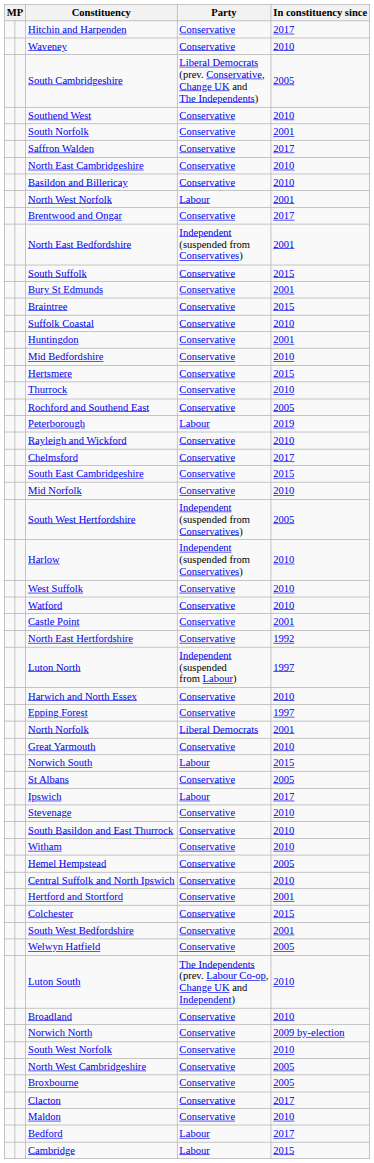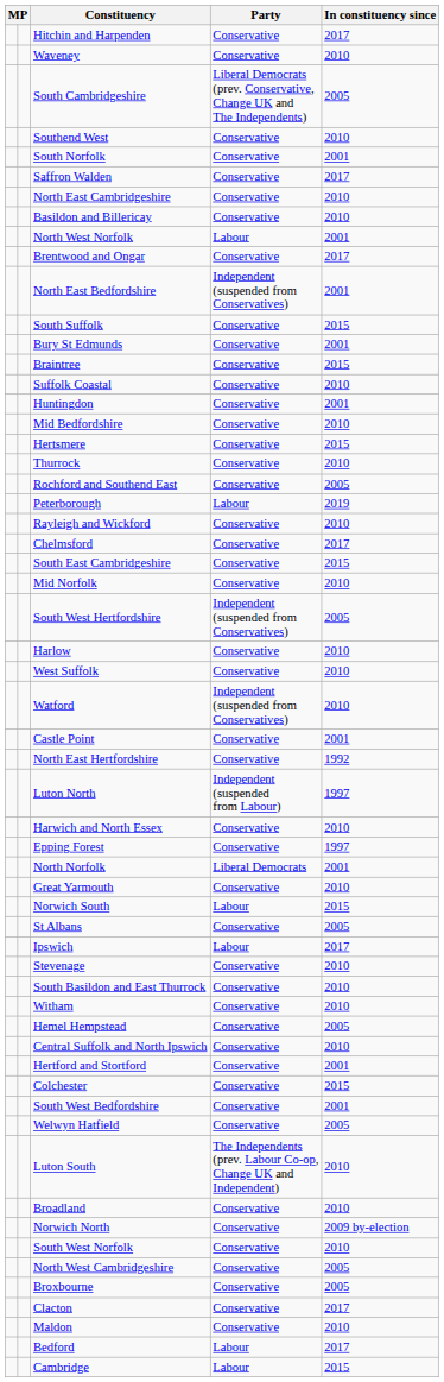 <table class="wikitable sortable">
 <tr>
 <th colspan=2>MP</th>
 <th>Constituency</th>
 <th>Party</th>
 <th>In constituency since</th>
 </tr>
 <tr>
 <td></td>
 <td></td>
 <td><a href='#'>Hitchin and Harpenden</a></td>
 <td><a href='#'>Conservative</a></td>
 <td><a href='#'>2017</a></td>
 </tr>
 <tr>
 <td></td>
 <td></td>
 <td><a href='#'>Waveney</a></td>
 <td><a href='#'>Conservative</a></td>
 <td><a href='#'>2010</a></td>
 </tr>
 <tr>
 <td></td>
 <td></td>
 <td><a href='#'>South Cambridgeshire</a></td>
 <td><a href='#'>Liberal Democrats</a><br>(prev. <a href='#'>Conservative</a>,<br><a href='#'>Change UK</a> and<br><a href='#'>The Independents</a>)</td>
 <td><a href='#'>2005</a></td>
 </tr>
 <tr>
 <td></td>
 <td></td>
 <td><a href='#'>Southend West</a></td>
 <td><a href='#'>Conservative</a></td>
 <td><a href='#'>2010</a></td>
 </tr>
 <tr>
 <td></td>
 <td></td>
 <td><a href='#'>South Norfolk</a></td>
 <td><a href='#'>Conservative</a></td>
 <td><a href='#'>2001</a></td>
 </tr>
 <tr>
 <td></td>
 <td></td>
 <td><a href='#'>Saffron Walden</a></td>
 <td><a href='#'>Conservative</a></td>
 <td><a href='#'>2017</a></td>
 </tr>
 <tr>
 <td></td>
 <td></td>
 <td><a href='#'>North East Cambridgeshire</a></td>
 <td><a href='#'>Conservative</a></td>
 <td><a href='#'>2010</a></td>
 </tr>
 <tr>
 <td></td>
 <td></td>
 <td><a href='#'>Basildon and Billericay</a></td>
 <td><a href='#'>Conservative</a></td>
 <td><a href='#'>2010</a></td>
 </tr>
 <tr>
 <td></td>
 <td></td>
 <td><a href='#'>North West Norfolk</a></td>
 <td><a href='#'>Labour</a></td>
 <td><a href='#'>2001</a></td>
 </tr>
 <tr>
 <td></td>
 <td></td>
 <td><a href='#'>Brentwood and Ongar</a></td>
 <td><a href='#'>Conservative</a></td>
 <td><a href='#'>2017</a></td>
 </tr>
 <tr>
 <td></td>
 <td></td>
 <td><a href='#'>North East Bedfordshire</a></td>
 <td><a href='#'>Independent</a><br>(suspended from<br><a href='#'>Conservatives</a>)</td>
 <td><a href='#'>2001</a></td>
 </tr>
 <tr>
 <td></td>
 <td></td>
 <td><a href='#'>South Suffolk</a></td>
 <td><a href='#'>Conservative</a></td>
 <td><a href='#'>2015</a></td>
 </tr>
 <tr>
 <td></td>
 <td></td>
 <td><a href='#'>Bury St Edmunds</a></td>
 <td><a href='#'>Conservative</a></td>
 <td><a href='#'>2001</a></td>
 </tr>
 <tr>
 <td></td>
 <td></td>
 <td><a href='#'>Braintree</a></td>
 <td><a href='#'>Conservative</a></td>
 <td><a href='#'>2015</a></td>
 </tr>
 <tr>
 <td></td>
 <td></td>
 <td><a href='#'>Suffolk Coastal</a></td>
 <td><a href='#'>Conservative</a></td>
 <td><a href='#'>2010</a></td>
 </tr>
 <tr>
 <td></td>
 <td></td>
 <td><a href='#'>Huntingdon</a></td>
 <td><a href='#'>Conservative</a></td>
 <td><a href='#'>2001</a></td>
 </tr>
 <tr>
 <td></td>
 <td></td>
 <td><a href='#'>Mid Bedfordshire</a></td>
 <td><a href='#'>Conservative</a></td>
 <td><a href='#'>2010</a></td>
 </tr>
 <tr>
 <td></td>
 <td></td>
 <td><a href='#'>Hertsmere</a></td>
 <td><a href='#'>Conservative</a></td>
 <td><a href='#'>2015</a></td>
 </tr>
 <tr>
 <td></td>
 <td></td>
 <td><a href='#'>Thurrock</a></td>
 <td><a href='#'>Conservative</a></td>
 <td><a href='#'>2010</a></td>
 </tr>
 <tr>
 <td></td>
 <td></td>
 <td><a href='#'>Rochford and Southend East</a></td>
 <td><a href='#'>Conservative</a></td>
 <td><a href='#'>2005</a></td>
 </tr>
 <tr>
 <td style="background-color: "></td>
 <td></td>
 <td><a href='#'>Peterborough</a></td>
 <td><a href='#'>Labour</a></td>
 <td><a href='#'>2019</a></td>
 </tr>
 <tr>
 <td></td>
 <td></td>
 <td><a href='#'>Rayleigh and Wickford</a></td>
 <td><a href='#'>Conservative</a></td>
 <td><a href='#'>2010</a></td>
 </tr>
 <tr>
 <td></td>
 <td></td>
 <td><a href='#'>Chelmsford</a></td>
 <td><a href='#'>Conservative</a></td>
 <td><a href='#'>2017</a></td>
 </tr>
 <tr>
 <td></td>
 <td></td>
 <td><a href='#'>South East Cambridgeshire</a></td>
 <td><a href='#'>Conservative</a></td>
 <td><a href='#'>2015</a></td>
 </tr>
 <tr>
 <td></td>
 <td></td>
 <td><a href='#'>Mid Norfolk</a></td>
 <td><a href='#'>Conservative</a></td>
 <td><a href='#'>2010</a></td>
 </tr>
 <tr>
 <td></td>
 <td></td>
 <td><a href='#'>South West Hertfordshire</a></td>
 <td><a href='#'>Independent</a><br>(suspended from<br><a href='#'>Conservatives</a>)</td>
 <td><a href='#'>2005</a></td>
 </tr>
 <tr>
 <td></td>
 <td></td>
 <td><a href='#'>Harlow</a></td>
-<td><a href='#'>Independent</a><br>(suspended from<br><a href='#'>Conservatives</a>)</td>
+<td><a href='#'>Conservative</a></td>
 <td><a href='#'>2010</a></td>
 </tr>
 <tr>
 <td></td>
 <td></td>
 <td><a href='#'>West Suffolk</a></td>
 <td><a href='#'>Conservative</a></td>
 <td><a href='#'>2010</a></td>
 </tr>
 <tr>
 <td></td>
 <td></td>
 <td><a href='#'>Watford</a></td>
-<td><a href='#'>Conservative</a></td>
+<td><a href='#'>Independent</a><br>(suspended from<br><a href='#'>Conservatives</a>)</td>
 <td><a href='#'>2010</a></td>
 </tr>
 <tr>
 <td></td>
 <td></td>
 <td><a href='#'>Castle Point</a></td>
 <td><a href='#'>Conservative</a></td>
 <td><a href='#'>2001</a></td>
 </tr>
 <tr>
 <td></td>
 <td></td>
 <td><a href='#'>North East Hertfordshire</a></td>
 <td><a href='#'>Conservative</a></td>
 <td><a href='#'>1992</a></td>
 </tr>
 <tr>
 <td></td>
 <td></td>
 <td><a href='#'>Luton North</a></td>
 <td><a href='#'>Independent</a><br>(suspended<br>from <a href='#'>Labour</a>)</td>
 <td><a href='#'>1997</a></td>
 </tr>
 <tr>
 <td></td>
 <td></td>
 <td><a href='#'>Harwich and North Essex</a></td>
 <td><a href='#'>Conservative</a></td>
 <td><a href='#'>2010</a></td>
 </tr>
 <tr>
 <td></td>
 <td></td>
 <td><a href='#'>Epping Forest</a></td>
 <td><a href='#'>Conservative</a></td>
 <td><a href='#'>1997</a></td>
 </tr>
 <tr>
 <td></td>
 <td></td>
 <td><a href='#'>North Norfolk</a></td>
 <td><a href='#'>Liberal Democrats</a></td>
 <td><a href='#'>2001</a></td>
 </tr>
 <tr>
 <td></td>
 <td></td>
 <td><a href='#'>Great Yarmouth</a></td>
 <td><a href='#'>Conservative</a></td>
 <td><a href='#'>2010</a></td>
 </tr>
 <tr>
 <td style="background-color: "></td>
 <td></td>
 <td><a href='#'>Norwich South</a></td>
 <td><a href='#'>Labour</a></td>
 <td><a href='#'>2015</a></td>
 </tr>
 <tr>
 <td></td>
 <td></td>
 <td><a href='#'>St Albans</a></td>
 <td><a href='#'>Conservative</a></td>
 <td><a href='#'>2005</a></td>
 </tr>
 <tr>
 <td></td>
 <td></td>
 <td><a href='#'>Ipswich</a></td>
 <td><a href='#'>Labour</a></td>
 <td><a href='#'>2017</a></td>
 </tr>
 <tr>
 <td></td>
 <td></td>
 <td><a href='#'>Stevenage</a></td>
 <td><a href='#'>Conservative</a></td>
 <td><a href='#'>2010</a></td>
 </tr>
 <tr>
 <td></td>
 <td></td>
 <td><a href='#'>South Basildon and East Thurrock</a></td>
 <td><a href='#'>Conservative</a></td>
 <td><a href='#'>2010</a></td>
 </tr>
 <tr>
 <td></td>
 <td></td>
 <td><a href='#'>Witham</a></td>
 <td><a href='#'>Conservative</a></td>
 <td><a href='#'>2010</a></td>
 </tr>
 <tr>
 <td></td>
 <td></td>
 <td><a href='#'>Hemel Hempstead</a></td>
 <td><a href='#'>Conservative</a></td>
 <td><a href='#'>2005</a></td>
 </tr>
 <tr>
 <td></td>
 <td></td>
 <td><a href='#'>Central Suffolk and North Ipswich</a></td>
 <td><a href='#'>Conservative</a></td>
 <td><a href='#'>2010</a></td>
 </tr>
 <tr>
 <td></td>
 <td></td>
 <td><a href='#'>Hertford and Stortford</a></td>
 <td><a href='#'>Conservative</a></td>
 <td><a href='#'>2001</a></td>
 </tr>
 <tr>
 <td></td>
 <td></td>
 <td><a href='#'>Colchester</a></td>
 <td><a href='#'>Conservative</a></td>
 <td><a href='#'>2015</a></td>
 </tr>
 <tr>
 <td></td>
 <td></td>
 <td><a href='#'>South West Bedfordshire</a></td>
 <td><a href='#'>Conservative</a></td>
 <td><a href='#'>2001</a></td>
 </tr>
 <tr>
 <td></td>
 <td></td>
 <td><a href='#'>Welwyn Hatfield</a></td>
 <td><a href='#'>Conservative</a></td>
 <td><a href='#'>2005</a></td>
 </tr>
 <tr>
 <td></td>
 <td></td>
 <td><a href='#'>Luton South</a></td>
 <td><a href='#'>The Independents</a><br>(prev. <a href='#'>Labour Co-op</a>,<br><a href='#'>Change UK</a> and<br><a href='#'>Independent</a>)</td>
 <td><a href='#'>2010</a></td>
 </tr>
 <tr>
 <td></td>
 <td></td>
 <td><a href='#'>Broadland</a></td>
 <td><a href='#'>Conservative</a></td>
 <td><a href='#'>2010</a></td>
 </tr>
 <tr>
 <td></td>
 <td></td>
 <td><a href='#'>Norwich North</a></td>
 <td><a href='#'>Conservative</a></td>
 <td><a href='#'>2009 by-election</a></td>
 </tr>
 <tr>
 <td></td>
 <td></td>
 <td><a href='#'>South West Norfolk</a></td>
 <td><a href='#'>Conservative</a></td>
 <td><a href='#'>2010</a></td>
 </tr>
 <tr>
 <td></td>
 <td></td>
 <td><a href='#'>North West Cambridgeshire</a></td>
 <td><a href='#'>Conservative</a></td>
 <td><a href='#'>2005</a></td>
 </tr>
 <tr>
 <td></td>
 <td></td>
 <td><a href='#'>Broxbourne</a></td>
 <td><a href='#'>Conservative</a></td>
 <td><a href='#'>2005</a></td>
 </tr>
 <tr>
 <td></td>
 <td></td>
 <td><a href='#'>Clacton</a></td>
 <td><a href='#'>Conservative</a></td>
 <td><a href='#'>2017</a></td>
 </tr>
 <tr>
 <td></td>
 <td></td>
 <td><a href='#'>Maldon</a></td>
 <td><a href='#'>Conservative</a></td>
 <td><a href='#'>2010</a></td>
 </tr>
 <tr>
 <td></td>
 <td></td>
 <td><a href='#'>Bedford</a></td>
 <td><a href='#'>Labour</a></td>
 <td><a href='#'>2017</a></td>
 </tr>
 <tr>
 <td style="background-color: "></td>
 <td></td>
 <td><a href='#'>Cambridge</a></td>
 <td><a href='#'>Labour</a></td>
 <td><a href='#'>2015</a></td>
 </tr>
 </table>
